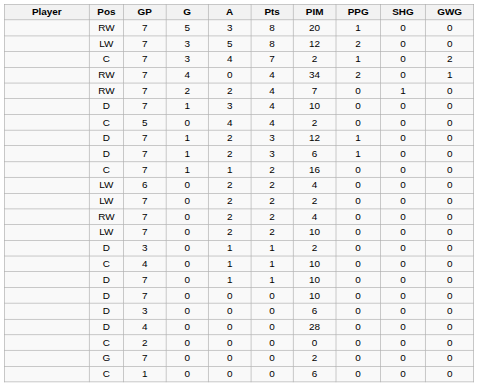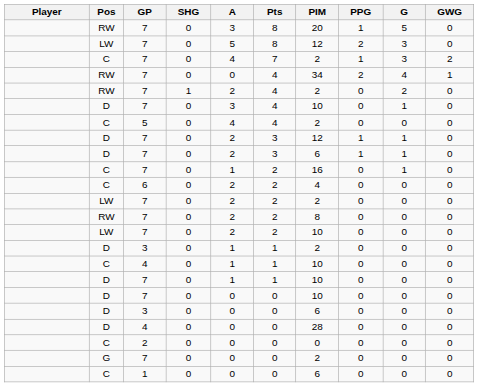 <table class="wikitable sortable" width="60%">
 <tr ALIGN="center">
 <th bgcolor="#DDDDFF" width="10%">Player</th>
 <th bgcolor="#DDDDFF" width="3%" title="Position">Pos</th>
 <th bgcolor="#DDDDFF" width="5%" title="Games played">GP</th>
-<th bgcolor="#DDDDFF" width="5%" title="Goals">G</th>
+<th bgcolor="#DDDDFF" width="5%" title="Short-handed Goals">SHG</th>
 <th bgcolor="#DDDDFF" width="5%" title="Assists">A</th>
 <th bgcolor="#DDDDFF" width="5%" title="Points">Pts</th>
 <th bgcolor="#DDDDFF" width="5%" title="Penalties in Minutes">PIM</th>
 <th bgcolor="#DDDDFF" width="5%" title="Power Play Goals">PPG</th>
-<th bgcolor="#DDDDFF" width="5%" title="Short-handed Goals">SHG</th>
+<th bgcolor="#DDDDFF" width="5%" title="Goals">G</th>
 <th bgcolor="#DDDDFF" width="5%" title="Game-winning Goals">GWG</th>
 </tr>
 <tr align="center">
 <td align="right"></td>
 <td>RW</td>
 <td>7</td>
-<td>5</td>
+<td>0</td>
 <td>3</td>
 <td>8</td>
 <td>20</td>
 <td>1</td>
-<td>0</td>
+<td>5</td>
 <td>0</td>
 </tr>
 <tr align="center">
 <td align="right"></td>
 <td>LW</td>
 <td>7</td>
-<td>3</td>
+<td>0</td>
 <td>5</td>
 <td>8</td>
 <td>12</td>
 <td>2</td>
-<td>0</td>
+<td>3</td>
 <td>0</td>
 </tr>
 <tr align="center">
 <td align="right"></td>
 <td>C</td>
 <td>7</td>
-<td>3</td>
+<td>0</td>
 <td>4</td>
 <td>7</td>
 <td>2</td>
 <td>1</td>
-<td>0</td>
+<td>3</td>
 <td>2</td>
 </tr>
 <tr align="center">
 <td align="right"></td>
 <td>RW</td>
 <td>7</td>
-<td>4</td>
+<td>0</td>
 <td>0</td>
 <td>4</td>
 <td>34</td>
 <td>2</td>
-<td>0</td>
+<td>4</td>
 <td>1</td>
 </tr>
 <tr align="center">
 <td align="right"></td>
 <td>RW</td>
 <td>7</td>
-<td>2</td>
+<td>1</td>
 <td>2</td>
 <td>4</td>
-<td>7</td>
+<td>2</td>
 <td>0</td>
-<td>1</td>
+<td>2</td>
 <td>0</td>
 </tr>
 <tr align="center">
 <td align="right"></td>
 <td>D</td>
 <td>7</td>
-<td>1</td>
+<td>0</td>
 <td>3</td>
 <td>4</td>
 <td>10</td>
 <td>0</td>
-<td>0</td>
+<td>1</td>
 <td>0</td>
 </tr>
 <tr align="center">
 <td align="right"></td>
 <td>C</td>
 <td>5</td>
 <td>0</td>
 <td>4</td>
 <td>4</td>
 <td>2</td>
 <td>0</td>
 <td>0</td>
 <td>0</td>
 </tr>
 <tr align="center">
 <td align="right"></td>
 <td>D</td>
 <td>7</td>
-<td>1</td>
+<td>0</td>
 <td>2</td>
 <td>3</td>
 <td>12</td>
 <td>1</td>
-<td>0</td>
+<td>1</td>
 <td>0</td>
 </tr>
 <tr align="center">
 <td align="right"></td>
 <td>D</td>
 <td>7</td>
-<td>1</td>
+<td>0</td>
 <td>2</td>
 <td>3</td>
 <td>6</td>
 <td>1</td>
-<td>0</td>
+<td>1</td>
 <td>0</td>
 </tr>
 <tr align="center">
 <td align="right"></td>
 <td>C</td>
 <td>7</td>
-<td>1</td>
+<td>0</td>
 <td>1</td>
 <td>2</td>
 <td>16</td>
 <td>0</td>
-<td>0</td>
+<td>1</td>
 <td>0</td>
 </tr>
 <tr align="center">
 <td align="right"></td>
-<td>LW</td>
+<td>C</td>
 <td>6</td>
 <td>0</td>
 <td>2</td>
 <td>2</td>
 <td>4</td>
 <td>0</td>
 <td>0</td>
 <td>0</td>
 </tr>
 <tr align="center">
 <td align="right"></td>
 <td>LW</td>
 <td>7</td>
 <td>0</td>
 <td>2</td>
 <td>2</td>
 <td>2</td>
 <td>0</td>
 <td>0</td>
 <td>0</td>
 </tr>
 <tr align="center">
 <td align="right"></td>
 <td>RW</td>
 <td>7</td>
 <td>0</td>
 <td>2</td>
 <td>2</td>
-<td>4</td>
+<td>8</td>
 <td>0</td>
 <td>0</td>
 <td>0</td>
 </tr>
 <tr align="center">
 <td align="right"></td>
 <td>LW</td>
 <td>7</td>
 <td>0</td>
 <td>2</td>
 <td>2</td>
 <td>10</td>
 <td>0</td>
 <td>0</td>
 <td>0</td>
 </tr>
 <tr align="center">
 <td align="right"></td>
 <td>D</td>
 <td>3</td>
 <td>0</td>
 <td>1</td>
 <td>1</td>
 <td>2</td>
 <td>0</td>
 <td>0</td>
 <td>0</td>
 </tr>
 <tr align="center">
 <td align="right"></td>
 <td>C</td>
 <td>4</td>
 <td>0</td>
 <td>1</td>
 <td>1</td>
 <td>10</td>
 <td>0</td>
 <td>0</td>
 <td>0</td>
 </tr>
 <tr align="center">
 <td align="right"></td>
 <td>D</td>
 <td>7</td>
 <td>0</td>
 <td>1</td>
 <td>1</td>
 <td>10</td>
 <td>0</td>
 <td>0</td>
 <td>0</td>
 </tr>
 <tr align="center">
 <td align="right"></td>
 <td>D</td>
 <td>7</td>
 <td>0</td>
 <td>0</td>
 <td>0</td>
 <td>10</td>
 <td>0</td>
 <td>0</td>
 <td>0</td>
 </tr>
 <tr align="center">
 <td align="right"></td>
 <td>D</td>
 <td>3</td>
 <td>0</td>
 <td>0</td>
 <td>0</td>
 <td>6</td>
 <td>0</td>
 <td>0</td>
 <td>0</td>
 </tr>
 <tr align="center">
 <td align="right"></td>
 <td>D</td>
 <td>4</td>
 <td>0</td>
 <td>0</td>
 <td>0</td>
 <td>28</td>
 <td>0</td>
 <td>0</td>
 <td>0</td>
 </tr>
 <tr align="center">
 <td align="right"></td>
 <td>C</td>
 <td>2</td>
 <td>0</td>
 <td>0</td>
 <td>0</td>
 <td>0</td>
 <td>0</td>
 <td>0</td>
 <td>0</td>
 </tr>
 <tr align="center">
 <td align="right"></td>
 <td>G</td>
 <td>7</td>
 <td>0</td>
 <td>0</td>
 <td>0</td>
 <td>2</td>
 <td>0</td>
 <td>0</td>
 <td>0</td>
 </tr>
 <tr align="center">
 <td align="right"></td>
 <td>C</td>
 <td>1</td>
 <td>0</td>
 <td>0</td>
 <td>0</td>
 <td>6</td>
 <td>0</td>
 <td>0</td>
 <td>0</td>
 </tr>
 </table>
